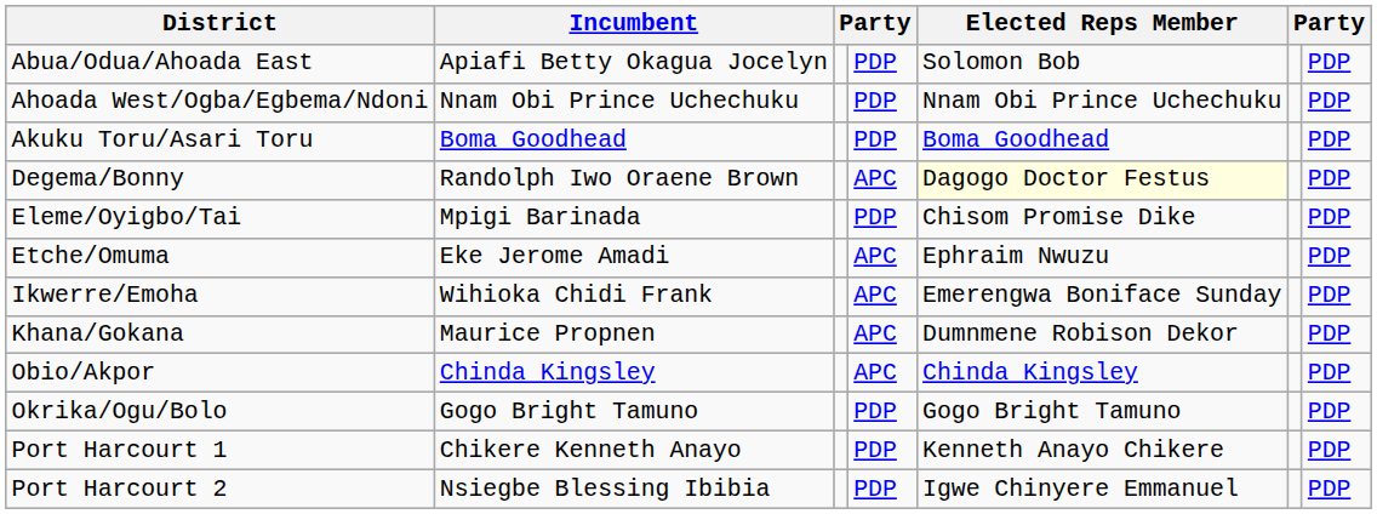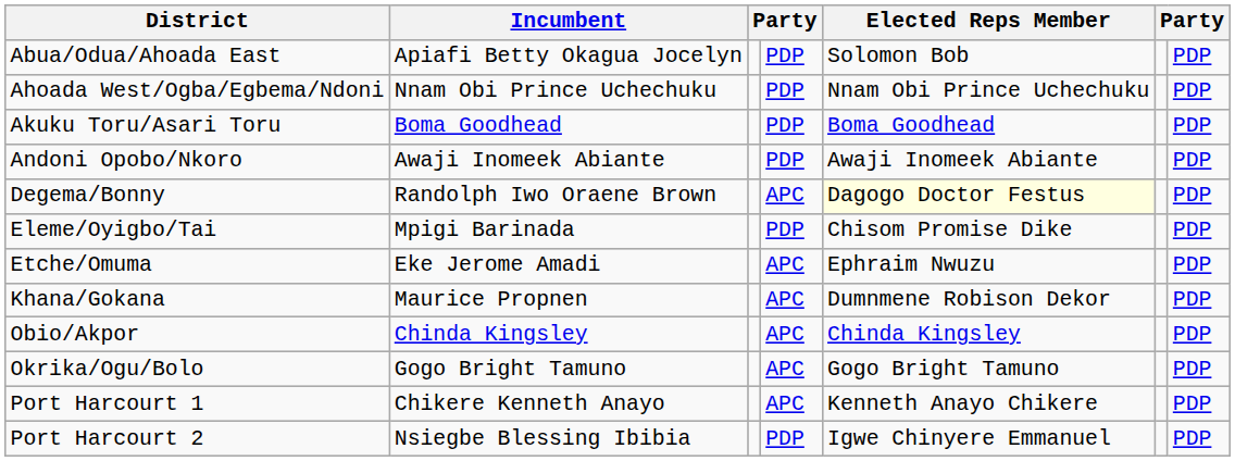 <table class="sortable wikitable" style="font-size:95%;line-height:14px;">
 <tr>
 <th class="unsortable">District</th>
 <th class="unsortable"><a href='#'>Incumbent</a></th>
 <th colspan="2">Party</th>
 <th class="unsortable">Elected Reps Member</th>
 <th colspan="2">Party</th>
 </tr>
 <tr>
 <td>Abua/Odua/Ahoada East</td>
 <td>Apiafi Betty Okagua Jocelyn</td>
 <td style="background-color:"></td>
 <td><a href='#'>PDP</a></td>
 <td>Solomon Bob</td>
 <td style="background-color:"></td>
 <td><a href='#'>PDP</a></td>
 </tr>
 <tr>
 <td>Ahoada West/Ogba/Egbema/Ndoni</td>
 <td>Nnam Obi Prince Uchechuku</td>
 <td style="background-color:"></td>
 <td><a href='#'>PDP</a></td>
 <td>Nnam Obi Prince Uchechuku</td>
 <td style="background-color:"></td>
 <td><a href='#'>PDP</a></td>
 </tr>
 <tr>
 <td>Akuku Toru/Asari Toru</td>
 <td><a href='#'>Boma Goodhead</a></td>
 <td style="background-color:"></td>
 <td><a href='#'>PDP</a></td>
 <td><a href='#'>Boma Goodhead</a></td>
 <td style="background-color:"></td>
 <td><a href='#'>PDP</a></td>
 </tr>
 <tr>
+<td>Andoni Opobo/Nkoro</td>
+<td>Awaji Inomeek Abiante</td>
+<td style="background-color:"></td>
+<td><a href='#'>PDP</a></td>
+<td>Awaji Inomeek Abiante</td>
+<td style="background-color:"></td>
+<td><a href='#'>PDP</a></td>
+</tr>
+<tr>
 <td>Degema/Bonny</td>
 <td>Randolph Iwo Oraene Brown</td>
 <td style="background-color:"></td>
 <td><a href='#'>APC</a></td>
 <td style="background: lightyellow;">Dagogo Doctor Festus</td>
 <td style="background-color:"></td>
 <td><a href='#'>PDP</a></td>
 </tr>
 <tr>
 <td>Eleme/Oyigbo/Tai</td>
 <td>Mpigi Barinada</td>
 <td style="background-color:"></td>
 <td><a href='#'>PDP</a></td>
 <td>Chisom Promise Dike</td>
 <td style="background-color:"></td>
 <td><a href='#'>PDP</a></td>
 </tr>
 <tr>
 <td>Etche/Omuma</td>
 <td>Eke Jerome Amadi</td>
 <td style="background-color:"></td>
 <td><a href='#'>APC</a></td>
 <td>Ephraim Nwuzu</td>
 <td style="background-color:"></td>
 <td><a href='#'>PDP</a></td>
 </tr>
 <tr>
-<td>Ikwerre/Emoha</td>
-<td>Wihioka Chidi Frank</td>
-<td style="background-color:"></td>
-<td><a href='#'>APC</a></td>
-<td>Emerengwa Boniface Sunday</td>
-<td style="background-color:"></td>
-<td><a href='#'>PDP</a></td>
-</tr>
-<tr>
 <td>Khana/Gokana</td>
 <td>Maurice Propnen</td>
 <td style="background-color:"></td>
 <td><a href='#'>APC</a></td>
 <td>Dumnmene Robison Dekor</td>
 <td style="background-color:"></td>
 <td><a href='#'>PDP</a></td>
 </tr>
 <tr>
 <td>Obio/Akpor</td>
 <td><a href='#'>Chinda Kingsley</a></td>
 <td style="background-color:"></td>
 <td><a href='#'>APC</a></td>
 <td><a href='#'>Chinda Kingsley</a></td>
 <td style="background-color:"></td>
 <td><a href='#'>PDP</a></td>
 </tr>
 <tr>
 <td>Okrika/Ogu/Bolo</td>
 <td>Gogo Bright Tamuno</td>
 <td style="background-color:"></td>
-<td><a href='#'>PDP</a></td>
+<td><a href='#'>APC</a></td>
 <td>Gogo Bright Tamuno</td>
 <td style="background-color:"></td>
 <td><a href='#'>PDP</a></td>
 </tr>
 <tr>
 <td>Port Harcourt 1</td>
 <td>Chikere Kenneth Anayo</td>
 <td style="background-color:"></td>
-<td><a href='#'>PDP</a></td>
+<td><a href='#'>APC</a></td>
 <td>Kenneth Anayo Chikere</td>
 <td style="background-color:"></td>
 <td><a href='#'>PDP</a></td>
 </tr>
 <tr>
 <td>Port Harcourt 2</td>
 <td>Nsiegbe Blessing Ibibia</td>
 <td style="background-color:"></td>
 <td><a href='#'>PDP</a></td>
 <td>Igwe Chinyere Emmanuel</td>
 <td style="background-color:"></td>
 <td><a href='#'>PDP</a></td>
 </tr>
 </table>
